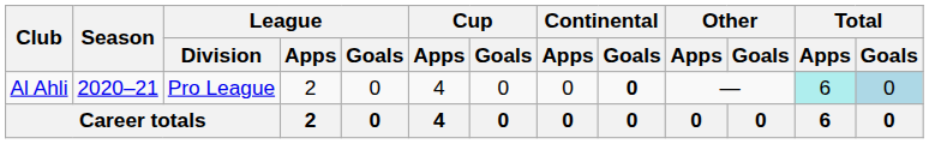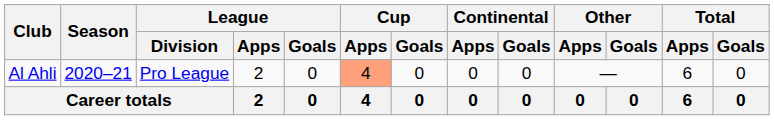 <table class="wikitable" style="text-align: center">
 <tr>
 <th rowspan="2">Club</th>
 <th rowspan="2">Season</th>
 <th colspan="3">League</th>
 <th colspan="2">Cup</th>
 <th colspan="2">Continental</th>
 <th colspan="2">Other</th>
 <th colspan="2">Total</th>
 </tr>
 <tr>
 <th>Division</th>
 <th>Apps</th>
 <th>Goals</th>
 <th>Apps</th>
 <th>Goals</th>
 <th>Apps</th>
 <th>Goals</th>
 <th>Apps</th>
 <th>Goals</th>
 <th>Apps</th>
 <th>Goals</th>
 </tr>
 <tr>
 <td rowspan=1><a href='#'>Al Ahli</a></td>
 <td><a href='#'>2020–21</a></td>
 <td><a href='#'>Pro League</a></td>
 <td>2</td>
 <td>0</td>
-<td>4</td>
+<td style="background: lightsalmon;">4</td>
 <td>0</td>
 <td>0</td>
-<td><strong>0</strong></td>
+<td>0</td>
 <td colspan=2>—</td>
-<td style="background: paleturquoise;">6</td>
-<td style="background: lightblue;">0</td>
+<td>6</td>
+<td>0</td>
 </tr>
 <tr>
 <th colspan=3>Career totals</th>
 <th>2</th>
 <th>0</th>
 <th>4</th>
 <th>0</th>
 <th>0</th>
 <th>0</th>
 <th>0</th>
 <th>0</th>
 <th>6</th>
 <th>0</th>
 </tr>
 </table>
